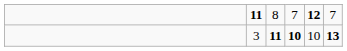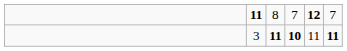 <table class="wikitable">
 <tr>
 <td style="width:18em"></td>
 <td align=center style="width:1em"><strong>11</strong></td>
 <td align=center style="width:1em">8</td>
 <td align=center style="width:1em">7</td>
 <td align=center style="width:1em"><strong>12</strong></td>
 <td align=center style="width:1em">7</td>
 </tr>
 <tr>
 <td style="width:18em"></td>
 <td align=center style="width:1em">3</td>
 <td align=center style="width:1em"><strong>11</strong></td>
 <td align=center style="width:1em"><strong>10</strong></td>
-<td align=center style="width:1em">10</td>
-<td align=center style="width:1em"><strong>13</strong></td>
+<td align=center style="width:1em">11</td>
+<td align=center style="width:1em"><strong>11</strong></td>
 </tr>
 </table>
